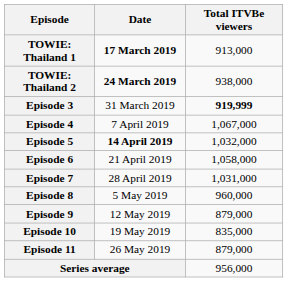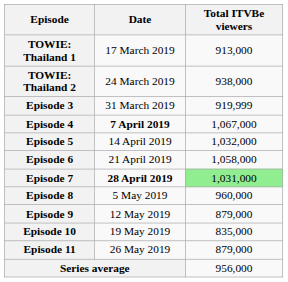 <table class="wikitable sortable" style="text-align:center">
 <tr>
 <th scope="col" style="width:120px;">Episode</th>
 <th scope="col" style="width:120px;">Date</th>
 <th scope="col" style="width:130px;">Total ITVBe viewers</th>
 </tr>
 <tr>
 <th scope="row">TOWIE: Thailand 1</th>
-<td><strong>17 March 2019</strong></td>
+<td>17 March 2019</td>
 <td>913,000</td>
 </tr>
 <tr>
 <th scope="row">TOWIE: Thailand 2</th>
-<td><strong>24 March 2019</strong></td>
+<td>24 March 2019</td>
 <td>938,000</td>
 </tr>
 <tr>
 <th scope="row">Episode 3</th>
 <td>31 March 2019</td>
-<td><strong>919,999</strong></td>
+<td>919,999</td>
 </tr>
 <tr>
 <th scope="row">Episode 4</th>
-<td>7 April 2019</td>
+<td><strong>7 April 2019</strong></td>
 <td>1,067,000</td>
 </tr>
 <tr>
 <th scope="row">Episode 5</th>
-<td><strong>14 April 2019</strong></td>
+<td>14 April 2019</td>
 <td>1,032,000</td>
 </tr>
 <tr>
 <th scope="row">Episode 6</th>
 <td>21 April 2019</td>
 <td>1,058,000</td>
 </tr>
 <tr>
 <th scope="row">Episode 7</th>
-<td>28 April 2019</td>
-<td>1,031,000</td>
+<td><strong>28 April 2019</strong></td>
+<td style="background: lightgreen;">1,031,000</td>
 </tr>
 <tr>
 <th scope="row">Episode 8</th>
 <td>5 May 2019</td>
 <td>960,000</td>
 </tr>
 <tr>
 <th scope="row">Episode 9</th>
 <td>12 May 2019</td>
 <td>879,000</td>
 </tr>
 <tr>
 <th scope="row">Episode 10</th>
 <td>19 May 2019</td>
 <td>835,000</td>
 </tr>
 <tr>
 <th scope="row">Episode 11</th>
 <td>26 May 2019</td>
 <td>879,000</td>
 </tr>
 <tr>
 <th scope="row" colspan="2">Series average</th>
 <td>956,000</td>
 </tr>
 </table>
